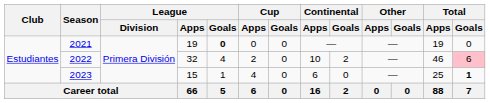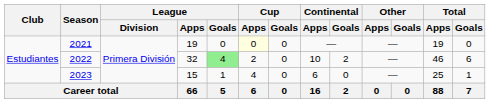 <table class="wikitable" style="text-align:center">
 <tr>
 <th rowspan="2">Club</th>
 <th rowspan="2">Season</th>
 <th colspan="3">League</th>
 <th colspan="2">Cup</th>
 <th colspan="2">Continental</th>
 <th colspan="2">Other</th>
 <th colspan="2">Total</th>
 </tr>
 <tr>
 <th>Division</th>
 <th>Apps</th>
 <th>Goals</th>
 <th>Apps</th>
 <th>Goals</th>
 <th>Apps</th>
 <th>Goals</th>
 <th>Apps</th>
 <th>Goals</th>
 <th>Apps</th>
 <th>Goals</th>
 </tr>
 <tr>
 <td rowspan="3"><a href='#'>Estudiantes</a></td>
 <td><a href='#'>2021</a></td>
 <td rowspan="3"><a href='#'>Primera División</a></td>
 <td>19</td>
-<td><strong>0</strong></td>
 <td>0</td>
+<td style="background: lightyellow;">0</td>
 <td>0</td>
 <td colspan="2">—</td>
 <td colspan="2">—</td>
 <td>19</td>
 <td>0</td>
 </tr>
 <tr>
 <td><a href='#'>2022</a></td>
 <td>32</td>
-<td>4</td>
+<td style="background: lightgreen;">4</td>
 <td>2</td>
 <td>0</td>
 <td>10</td>
 <td>2</td>
 <td colspan="2">—</td>
 <td>46</td>
-<td style="background: pink;">6</td>
+<td>6</td>
 </tr>
 <tr>
 <td><a href='#'>2023</a></td>
 <td>15</td>
 <td>1</td>
 <td>4</td>
 <td>0</td>
 <td>6</td>
 <td>0</td>
 <td colspan="2">—</td>
 <td>25</td>
-<td><strong>1</strong></td>
+<td>1</td>
 </tr>
 <tr>
 <th colspan="3">Career total</th>
 <th>66</th>
 <th>5</th>
 <th>6</th>
 <th>0</th>
 <th>16</th>
 <th>2</th>
 <th>0</th>
 <th>0</th>
 <th>88</th>
 <th>7</th>
 </tr>
 </table>
